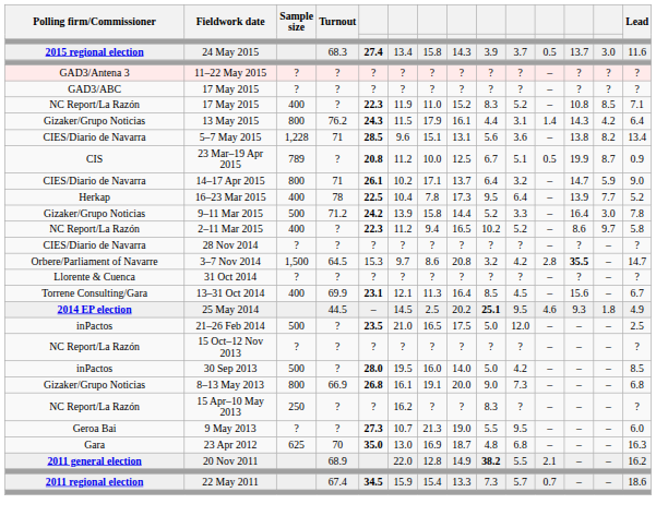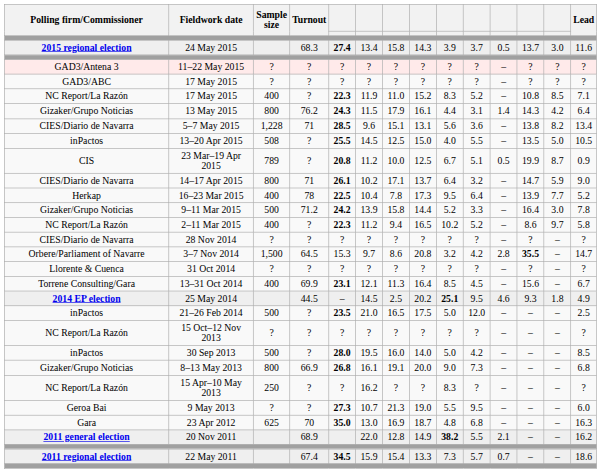 <table class="wikitable collapsible collapsed" style="text-align:center; font-size:95%; line-height:16px;">
 <tr style="height:42px;">
 <th style="width:250px;" rowspan="2">Polling firm/Commissioner</th>
 <th style="width:125px;" rowspan="2">Fieldwork date</th>
 <th style="width:50px;" rowspan="2">Sample size</th>
 <th style="width:45px;" rowspan="2">Turnout</th>
 <th style="width:35px;"></th>
 <th style="width:35px;"></th>
 <th style="width:35px;"></th>
 <th style="width:35px;"></th>
 <th style="width:35px;"></th>
 <th style="width:35px;"></th>
 <th style="width:35px;"></th>
 <th style="width:35px;"></th>
 <th style="width:35px;"></th>
 <th style="width:30px;" rowspan="2">Lead</th>
 </tr>
 <tr>
 <th style="color:inherit;background:"></th>
 <th style="color:inherit;background:"></th>
 <th style="color:inherit;background:"></th>
 <th style="color:inherit;background:"></th>
 <th style="color:inherit;background:"></th>
 <th style="color:inherit;background:"></th>
 <th style="color:inherit;background:"></th>
 <th style="color:inherit;background:"></th>
 <th style="color:inherit;background:"></th>
 </tr>
 <tr>
 <td colspan="14" style="background:#A0A0A0"></td>
 </tr>
 <tr style="background:#EFEFEF;">
 <td><strong><a href='#'>2015 regional election</a></strong></td>
 <td>24 May 2015</td>
 <td></td>
 <td>68.3</td>
 <td><strong>27.4</strong><br></td>
 <td>13.4<br></td>
 <td>15.8<br></td>
 <td>14.3<br></td>
 <td>3.9<br></td>
 <td>3.7<br></td>
 <td>0.5<br></td>
 <td>13.7<br></td>
 <td>3.0<br></td>
 <td style="background:">11.6</td>
 </tr>
 <tr>
 <td colspan="14" style="background:#A0A0A0"></td>
 </tr>
 <tr style="background:#FFEAEA;">
 <td>GAD3/Antena 3</td>
 <td>11–22 May 2015</td>
 <td>?</td>
 <td>?</td>
 <td>?<br></td>
 <td>?<br></td>
 <td>?<br></td>
 <td>?<br></td>
 <td>?<br></td>
 <td>?<br></td>
 <td>–</td>
 <td>?<br></td>
 <td>?<br></td>
 <td style="background:">?</td>
 </tr>
 <tr>
 <td>GAD3/ABC</td>
 <td>17 May 2015</td>
 <td>?</td>
 <td>?</td>
 <td>?<br></td>
 <td>?<br></td>
 <td>?<br></td>
 <td>?<br></td>
 <td>?<br></td>
 <td>?<br></td>
 <td>–</td>
 <td>?<br></td>
 <td>?<br></td>
 <td style="background:">?</td>
 </tr>
 <tr>
 <td>NC Report/La Razón</td>
 <td>17 May 2015</td>
 <td>400</td>
 <td>?</td>
 <td><strong>22.3</strong><br></td>
 <td>11.9<br></td>
 <td>11.0<br></td>
 <td>15.2<br></td>
 <td>8.3<br></td>
 <td>5.2<br></td>
 <td>–</td>
 <td>10.8<br></td>
 <td>8.5<br></td>
 <td style="background:">7.1</td>
 </tr>
 <tr>
 <td>Gizaker/Grupo Noticias</td>
 <td>13 May 2015</td>
 <td>800</td>
 <td>76.2</td>
 <td><strong>24.3</strong><br></td>
 <td>11.5<br></td>
 <td>17.9<br></td>
 <td>16.1<br></td>
 <td>4.4<br></td>
 <td>3.1<br></td>
 <td>1.4<br></td>
 <td>14.3<br></td>
 <td>4.2<br></td>
 <td style="background:">6.4</td>
 </tr>
 <tr>
 <td>CIES/Diario de Navarra</td>
 <td>5–7 May 2015</td>
 <td>1,228</td>
 <td>71</td>
 <td><strong>28.5</strong><br></td>
 <td>9.6<br></td>
 <td>15.1<br></td>
 <td>13.1<br></td>
 <td>5.6<br></td>
 <td>3.6<br></td>
 <td>–</td>
 <td>13.8<br></td>
 <td>8.2<br></td>
 <td style="background:">13.4</td>
+</tr>
+<tr>
+<td>inPactos</td>
+<td>13–20 Apr 2015</td>
+<td>508</td>
+<td>?</td>
+<td><strong>25.5</strong><br></td>
+<td>14.5<br></td>
+<td>12.5<br></td>
+<td>15.0<br></td>
+<td>4.0<br></td>
+<td>5.5<br></td>
+<td>–</td>
+<td>13.5<br></td>
+<td>5.0<br></td>
+<td style="background:">10.5</td>
 </tr>
 <tr>
 <td>CIS</td>
 <td>23 Mar–19 Apr 2015</td>
 <td>789</td>
 <td>?</td>
 <td><strong>20.8</strong><br></td>
 <td>11.2<br></td>
 <td>10.0<br></td>
 <td>12.5<br></td>
 <td>6.7<br></td>
 <td>5.1<br></td>
 <td>0.5<br></td>
 <td>19.9<br></td>
 <td>8.7<br></td>
 <td style="background:">0.9</td>
 </tr>
 <tr>
 <td>CIES/Diario de Navarra</td>
 <td>14–17 Apr 2015</td>
 <td>800</td>
 <td>71</td>
 <td><strong>26.1</strong><br></td>
 <td>10.2<br></td>
 <td>17.1<br></td>
 <td>13.7<br></td>
 <td>6.4<br></td>
 <td>3.2<br></td>
 <td>–</td>
 <td>14.7<br></td>
 <td>5.9<br></td>
 <td style="background:">9.0</td>
 </tr>
 <tr>
 <td>Herkap</td>
 <td>16–23 Mar 2015</td>
 <td>400</td>
 <td>78</td>
 <td><strong>22.5</strong><br></td>
 <td>10.4<br></td>
 <td>7.8<br></td>
 <td>17.3<br></td>
 <td>9.5<br></td>
 <td>6.4<br></td>
 <td>–</td>
 <td>13.9<br></td>
 <td>7.7<br></td>
 <td style="background:">5.2</td>
 </tr>
 <tr>
 <td>Gizaker/Grupo Noticias</td>
 <td>9–11 Mar 2015</td>
 <td>500</td>
 <td>71.2</td>
 <td><strong>24.2</strong><br></td>
 <td>13.9<br></td>
 <td>15.8<br></td>
 <td>14.4<br></td>
 <td>5.2<br></td>
 <td>3.3<br></td>
 <td>–</td>
 <td>16.4<br></td>
 <td>3.0<br></td>
 <td style="background:">7.8</td>
 </tr>
 <tr>
 <td>NC Report/La Razón</td>
 <td>2–11 Mar 2015</td>
 <td>400</td>
 <td>?</td>
 <td><strong>22.3</strong><br></td>
 <td>11.2<br></td>
 <td>9.4<br></td>
 <td>16.5<br></td>
 <td>10.2<br></td>
 <td>5.2<br></td>
 <td>–</td>
 <td>8.6<br></td>
 <td>9.7<br></td>
 <td style="background:">5.8</td>
 </tr>
 <tr>
 <td>CIES/Diario de Navarra</td>
 <td>28 Nov 2014</td>
 <td>?</td>
 <td>?</td>
 <td>?<br></td>
 <td>?<br></td>
 <td>?<br></td>
 <td>?<br></td>
 <td>?<br></td>
 <td>?<br></td>
 <td>–</td>
 <td>?<br></td>
 <td>–</td>
 <td style="background:">?</td>
 </tr>
 <tr>
 <td>Orbere/Parliament of Navarre</td>
 <td>3–7 Nov 2014</td>
 <td>1,500</td>
 <td>64.5</td>
 <td>15.3<br></td>
 <td>9.7<br></td>
 <td>8.6<br></td>
 <td>20.8<br></td>
 <td>3.2<br></td>
 <td>4.2<br></td>
 <td>2.8<br></td>
 <td><strong>35.5</strong><br></td>
 <td>–</td>
 <td style="background:">14.7</td>
 </tr>
 <tr>
 <td>Llorente & Cuenca</td>
 <td>31 Oct 2014</td>
 <td>?</td>
 <td>?</td>
 <td>?<br></td>
 <td>?<br></td>
 <td>?<br></td>
 <td>?<br></td>
 <td>?<br></td>
 <td>?<br></td>
 <td>–</td>
 <td>?<br></td>
 <td>–</td>
 <td style="background:">?</td>
 </tr>
 <tr>
 <td>Torrene Consulting/Gara</td>
 <td>13–31 Oct 2014</td>
 <td>400</td>
 <td>69.9</td>
 <td><strong>23.1</strong><br></td>
 <td>12.1<br></td>
 <td>11.3<br></td>
 <td>16.4<br></td>
 <td>8.5<br></td>
 <td>4.5<br></td>
 <td>–</td>
 <td>15.6<br></td>
 <td>–</td>
 <td style="background:">6.7</td>
 </tr>
 <tr style="background:#EFEFEF;">
 <td><strong><a href='#'>2014 EP election</a></strong></td>
 <td>25 May 2014</td>
 <td></td>
 <td>44.5</td>
 <td>–</td>
 <td>14.5<br></td>
 <td>2.5<br></td>
 <td>20.2<br></td>
 <td><strong>25.1</strong><br></td>
 <td>9.5<br></td>
 <td>4.6<br></td>
 <td>9.3<br></td>
 <td>1.8<br></td>
 <td style="background:">4.9</td>
 </tr>
 <tr>
 <td>inPactos</td>
 <td>21–26 Feb 2014</td>
 <td>500</td>
 <td>?</td>
 <td><strong>23.5</strong><br></td>
 <td>21.0<br></td>
 <td>16.5<br></td>
 <td>17.5<br></td>
 <td>5.0<br></td>
 <td>12.0<br></td>
 <td>–</td>
 <td>–</td>
 <td>–</td>
 <td style="background:">2.5</td>
 </tr>
 <tr>
 <td>NC Report/La Razón</td>
 <td>15 Oct–12 Nov 2013</td>
 <td>?</td>
 <td>?</td>
 <td>?<br></td>
 <td>?<br></td>
 <td>?<br></td>
 <td>?<br></td>
 <td>?<br></td>
 <td>?<br></td>
 <td>–</td>
 <td>–</td>
 <td>–</td>
 <td style="background:">?</td>
 </tr>
 <tr>
 <td>inPactos</td>
 <td>30 Sep 2013</td>
 <td>500</td>
 <td>?</td>
 <td><strong>28.0</strong><br></td>
 <td>19.5<br></td>
 <td>16.0<br></td>
 <td>14.0<br></td>
 <td>5.0<br></td>
 <td>4.2<br></td>
 <td>–</td>
 <td>–</td>
 <td>–</td>
 <td style="background:">8.5</td>
 </tr>
 <tr>
 <td>Gizaker/Grupo Noticias</td>
 <td>8–13 May 2013</td>
 <td>800</td>
 <td>66.9</td>
 <td><strong>26.8</strong><br></td>
 <td>16.1<br></td>
 <td>19.1<br></td>
 <td>20.0<br></td>
 <td>9.0<br></td>
 <td>7.3<br></td>
 <td>–</td>
 <td>–</td>
 <td>–</td>
 <td style="background:">6.8</td>
 </tr>
 <tr>
 <td>NC Report/La Razón</td>
 <td>15 Apr–10 May 2013</td>
 <td>250</td>
 <td>?</td>
 <td>?<br></td>
 <td>16.2<br></td>
 <td>?<br></td>
 <td>?<br></td>
 <td>8.3<br></td>
 <td>?<br></td>
 <td>–</td>
 <td>–</td>
 <td>–</td>
 <td style="background:">?</td>
 </tr>
 <tr>
 <td>Geroa Bai</td>
 <td>9 May 2013</td>
 <td>?</td>
 <td>?</td>
 <td><strong>27.3</strong><br></td>
 <td>10.7<br></td>
 <td>21.3<br></td>
 <td>19.0<br></td>
 <td>5.5<br></td>
 <td>9.5<br></td>
 <td>–</td>
 <td>–</td>
 <td>–</td>
 <td style="background:">6.0</td>
 </tr>
 <tr>
 <td>Gara</td>
 <td>23 Apr 2012</td>
 <td>625</td>
 <td>70</td>
 <td><strong>35.0</strong><br></td>
 <td>13.0<br></td>
 <td>16.9<br></td>
 <td>18.7<br></td>
 <td>4.8<br></td>
 <td>6.8<br></td>
 <td>–</td>
 <td>–</td>
 <td>–</td>
 <td style="background:">16.3</td>
 </tr>
 <tr style="background:#EFEFEF;">
 <td><strong><a href='#'>2011 general election</a></strong></td>
 <td>20 Nov 2011</td>
 <td></td>
 <td>68.9</td>
 <td></td>
 <td>22.0<br></td>
 <td>12.8<br></td>
 <td>14.9<br></td>
 <td><strong>38.2</strong><br></td>
 <td>5.5<br></td>
 <td>2.1<br></td>
 <td>–</td>
 <td>–</td>
 <td style="background:">16.2</td>
 </tr>
 <tr>
 <td colspan="14" style="background:#A0A0A0"></td>
 </tr>
 <tr style="background:#EFEFEF;">
 <td><strong><a href='#'>2011 regional election</a></strong></td>
 <td>22 May 2011</td>
 <td></td>
 <td>67.4</td>
 <td><strong>34.5</strong><br></td>
 <td>15.9<br></td>
 <td>15.4<br></td>
 <td>13.3<br></td>
 <td>7.3<br></td>
 <td>5.7<br></td>
 <td>0.7<br></td>
 <td>–</td>
 <td>–</td>
 <td style="background:">18.6</td>
 </tr>
 <tr>
 <td colspan="14" style="background:#A0A0A0"></td>
 </tr>
 </table>
